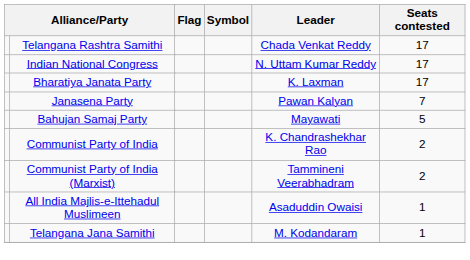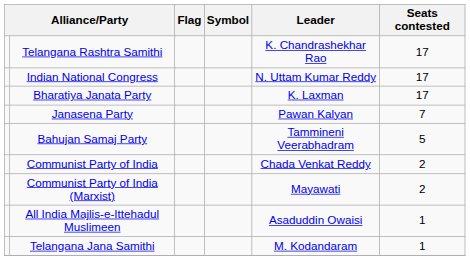 <table class="wikitable sortable" width="50%" style="text-align:center;">
 <tr>
 <th colspan=4>Alliance/Party</th>
 <th>Flag</th>
 <th>Symbol</th>
 <th>Leader</th>
 <th colspan=4>Seats contested</th>
 </tr>
 <tr>
 <td style="text-align:center; background:"></td>
 <td colspan=3><a href='#'>Telangana Rashtra Samithi</a></td>
 <td></td>
 <td></td>
-<td><a href='#'>Chada Venkat Reddy</a></td>
+<td><a href='#'>K. Chandrashekhar Rao</a></td>
 <td colspan=3>17</td>
 </tr>
 <tr>
 <td style="text-align:center; background:"></td>
 <td colspan=3><a href='#'>Indian National Congress</a></td>
 <td></td>
 <td></td>
 <td><a href='#'>N. Uttam Kumar Reddy</a></td>
 <td colspan=3>17</td>
 </tr>
 <tr>
 <td style="text-align:center; background:"></td>
 <td colspan=3><a href='#'>Bharatiya Janata Party</a></td>
 <td></td>
 <td></td>
 <td><a href='#'>K. Laxman</a></td>
 <td colspan=3>17</td>
 </tr>
 <tr>
 <td style="text-align:center; background:"></td>
 <td colspan=3><a href='#'>Janasena Party</a></td>
 <td></td>
 <td></td>
 <td><a href='#'>Pawan Kalyan</a></td>
 <td colspan=3>7</td>
 </tr>
 <tr>
 <td style="text-align:center; background:"></td>
 <td colspan=3><a href='#'>Bahujan Samaj Party</a></td>
 <td></td>
 <td></td>
-<td><a href='#'>Mayawati</a></td>
+<td><a href='#'>Tammineni Veerabhadram</a></td>
 <td colspan=3>5</td>
 </tr>
 <tr>
 <td style="text-align:center; background:"></td>
 <td colspan=3><a href='#'>Communist Party of India</a></td>
 <td></td>
 <td></td>
-<td><a href='#'>K. Chandrashekhar Rao</a></td>
+<td><a href='#'>Chada Venkat Reddy</a></td>
 <td colspan=3>2</td>
 </tr>
 <tr>
 <td style="text-align:center; background:"></td>
 <td colspan=3><a href='#'>Communist Party of India (Marxist)</a></td>
 <td></td>
 <td></td>
-<td><a href='#'>Tammineni Veerabhadram</a></td>
+<td><a href='#'>Mayawati</a></td>
 <td colspan=3>2</td>
 </tr>
 <tr>
 <td style="text-align:center; background:"></td>
 <td colspan=3><a href='#'>All India Majlis-e-Ittehadul Muslimeen</a></td>
 <td></td>
 <td></td>
 <td><a href='#'>Asaduddin Owaisi</a></td>
 <td colspan=3>1</td>
 </tr>
 <tr>
 <td style="text-align:center; background:"></td>
 <td colspan=3><a href='#'>Telangana Jana Samithi</a></td>
 <td></td>
 <td></td>
 <td><a href='#'>M. Kodandaram</a></td>
 <td colspan=3>1</td>
 </tr>
 <tr>
 </tr>
 </table>
